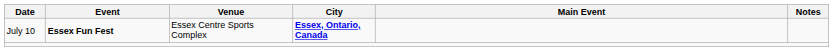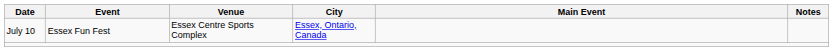 <table class="sortable wikitable succession-box" style="font-size:85%;">
 <tr>
 <th scope="col" style="width:5%;">Date</th>
 <th scope="col" style="width:15%;">Event</th>
 <th scope="col" style="width:15%;">Venue</th>
 <th scope="col" style="width:10%;">City</th>
 <th scope="col" style="width:50%;">Main Event</th>
 <th scope="col" style="width:10%;">Notes</th>
 </tr>
 <tr>
 <td>July 10</td>
-<td><strong>Essex Fun Fest</strong></td>
+<td>Essex Fun Fest</td>
 <td>Essex Centre Sports Complex</td>
-<td><strong><a href='#'>Essex, Ontario, Canada</a></strong></td>
+<td><a href='#'>Essex, Ontario, Canada</a></td>
 <td></td>
 <td></td>
 </tr>
 <tr>
 <td colspan="6"></td>
 </tr>
 </table>
